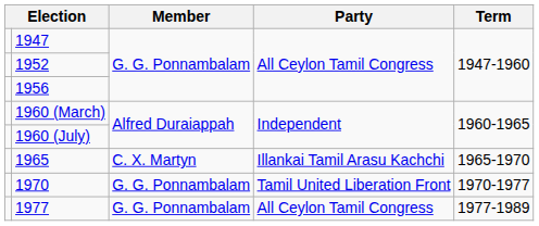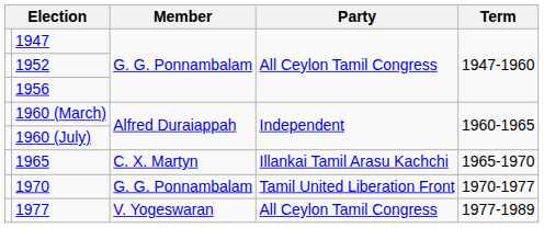 <table class="wikitable">
 <tr>
 <th colspan="2">Election</th>
 <th>Member</th>
 <th>Party</th>
 <th>Term</th>
 </tr>
 <tr>
 <td style="background-color: "></td>
 <td><a href='#'>1947</a></td>
 <td rowspan ="3"><a href='#'>G. G. Ponnambalam</a></td>
 <td rowspan ="3"><a href='#'>All Ceylon Tamil Congress</a></td>
 <td rowspan ="3">1947-1960</td>
 </tr>
 <tr>
 <td style="background-color: "></td>
 <td><a href='#'>1952</a></td>
 </tr>
 <tr>
 <td style="background-color: "></td>
 <td><a href='#'>1956</a></td>
 </tr>
 <tr>
 <td style="background-color: "></td>
 <td><a href='#'>1960 (March)</a></td>
 <td rowspan ="2"><a href='#'>Alfred Duraiappah</a></td>
 <td rowspan ="2"><a href='#'>Independent</a></td>
 <td rowspan ="2">1960-1965</td>
 </tr>
 <tr>
 <td style="background-color: "></td>
 <td><a href='#'>1960 (July)</a></td>
 </tr>
 <tr>
 <td style="background-color: "></td>
 <td><a href='#'>1965</a></td>
 <td><a href='#'>C. X. Martyn</a></td>
 <td><a href='#'>Illankai Tamil Arasu Kachchi</a></td>
 <td>1965-1970</td>
 </tr>
 <tr>
 <td style="background-color: "></td>
 <td><a href='#'>1970</a></td>
 <td><a href='#'>G. G. Ponnambalam</a></td>
 <td><a href='#'>Tamil United Liberation Front</a></td>
 <td>1970-1977</td>
 </tr>
 <tr>
 <td style="background-color: "></td>
 <td><a href='#'>1977</a></td>
-<td><a href='#'>G. G. Ponnambalam</a></td>
+<td><a href='#'>V. Yogeswaran</a></td>
 <td><a href='#'>All Ceylon Tamil Congress</a></td>
 <td>1977-1989</td>
 </tr>
 </table>
